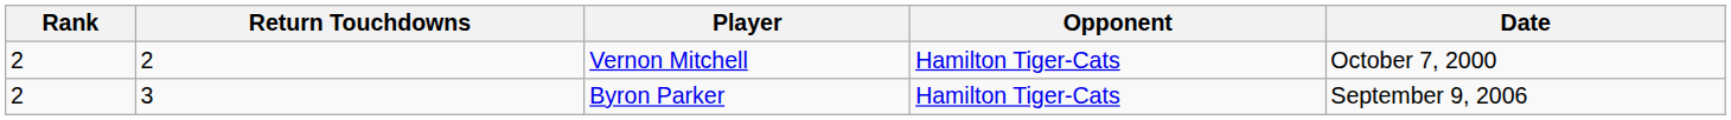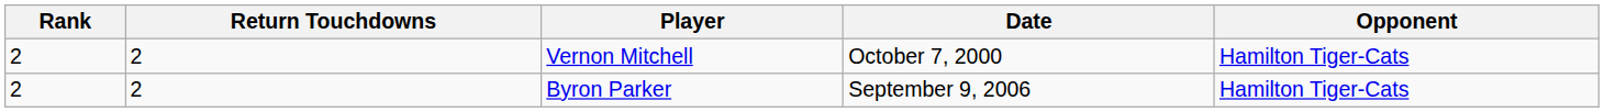 <table class="wikitable" style="width:60%;">
 <tr>
 <th>Rank</th>
 <th>Return Touchdowns</th>
 <th>Player</th>
+<th>Date</th>
 <th>Opponent</th>
-<th>Date</th>
 </tr>
 <tr>
 <td>2</td>
 <td>2</td>
 <td><a href='#'>Vernon Mitchell</a></td>
+<td>October 7, 2000</td>
 <td><a href='#'>Hamilton Tiger-Cats</a></td>
-<td>October 7, 2000</td>
 </tr>
 <tr>
 <td>2</td>
-<td>3</td>
+<td>2</td>
 <td><a href='#'>Byron Parker</a></td>
+<td>September 9, 2006</td>
 <td><a href='#'>Hamilton Tiger-Cats</a></td>
-<td>September 9, 2006</td>
 </tr>
 </table>
